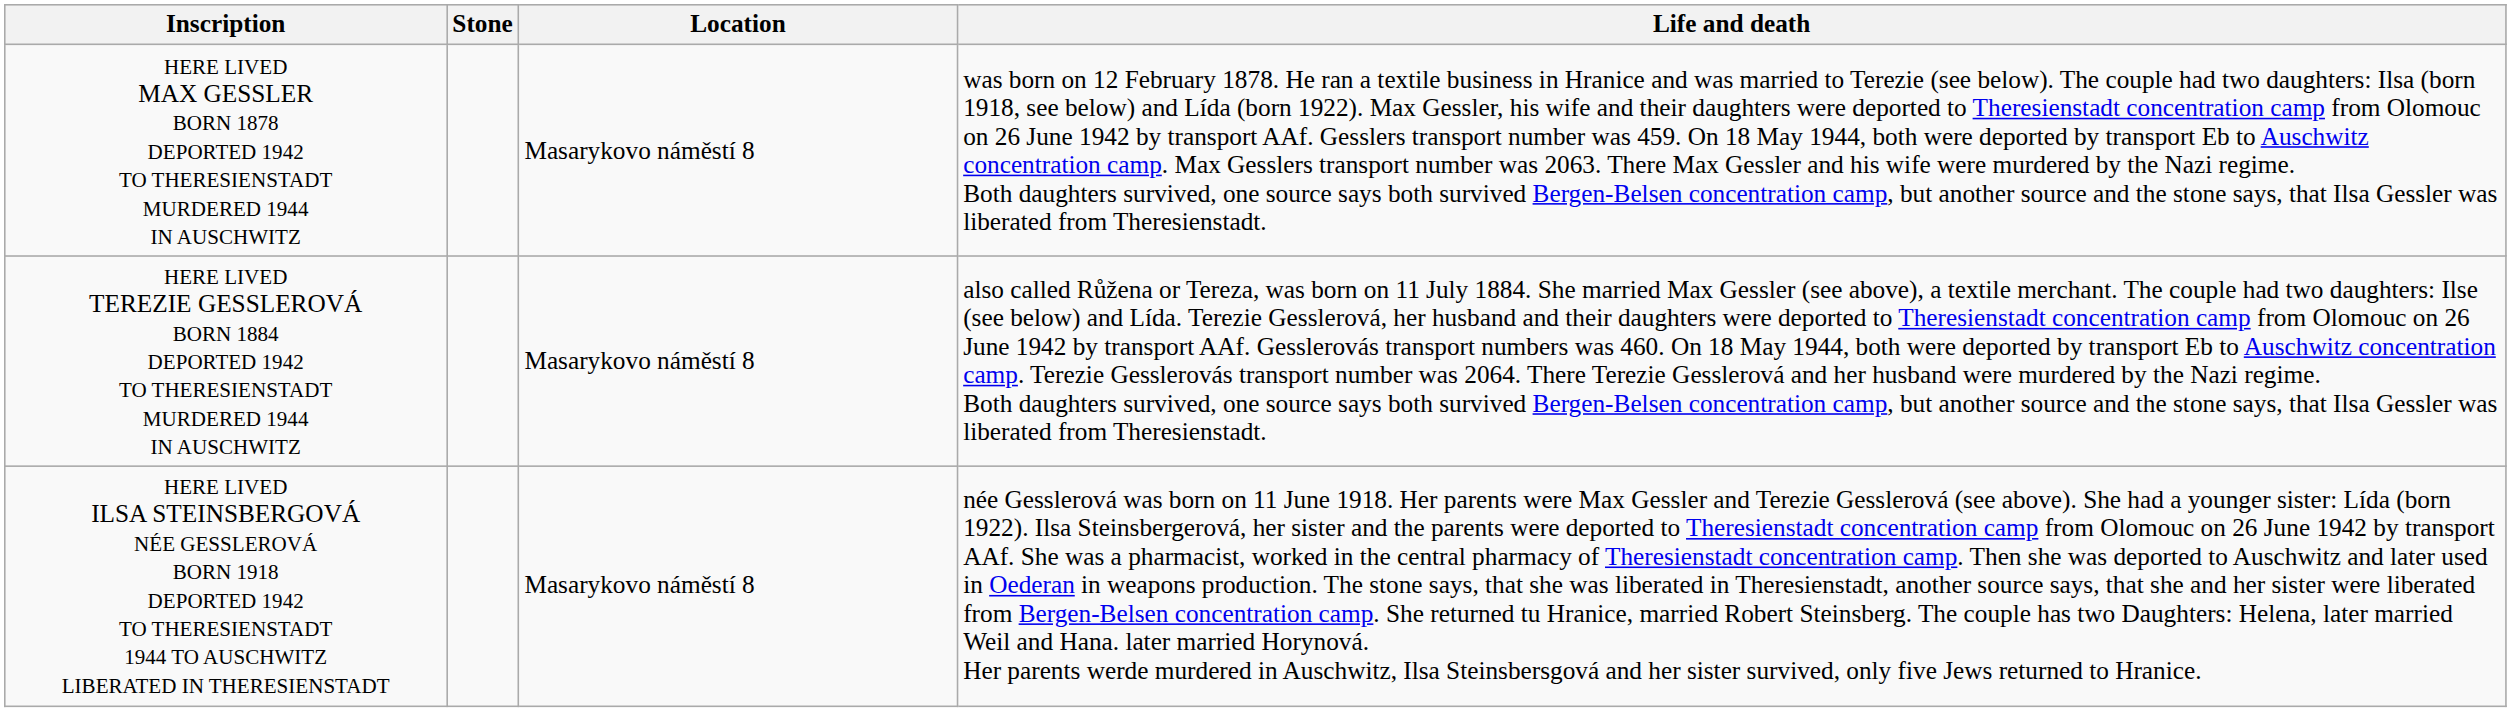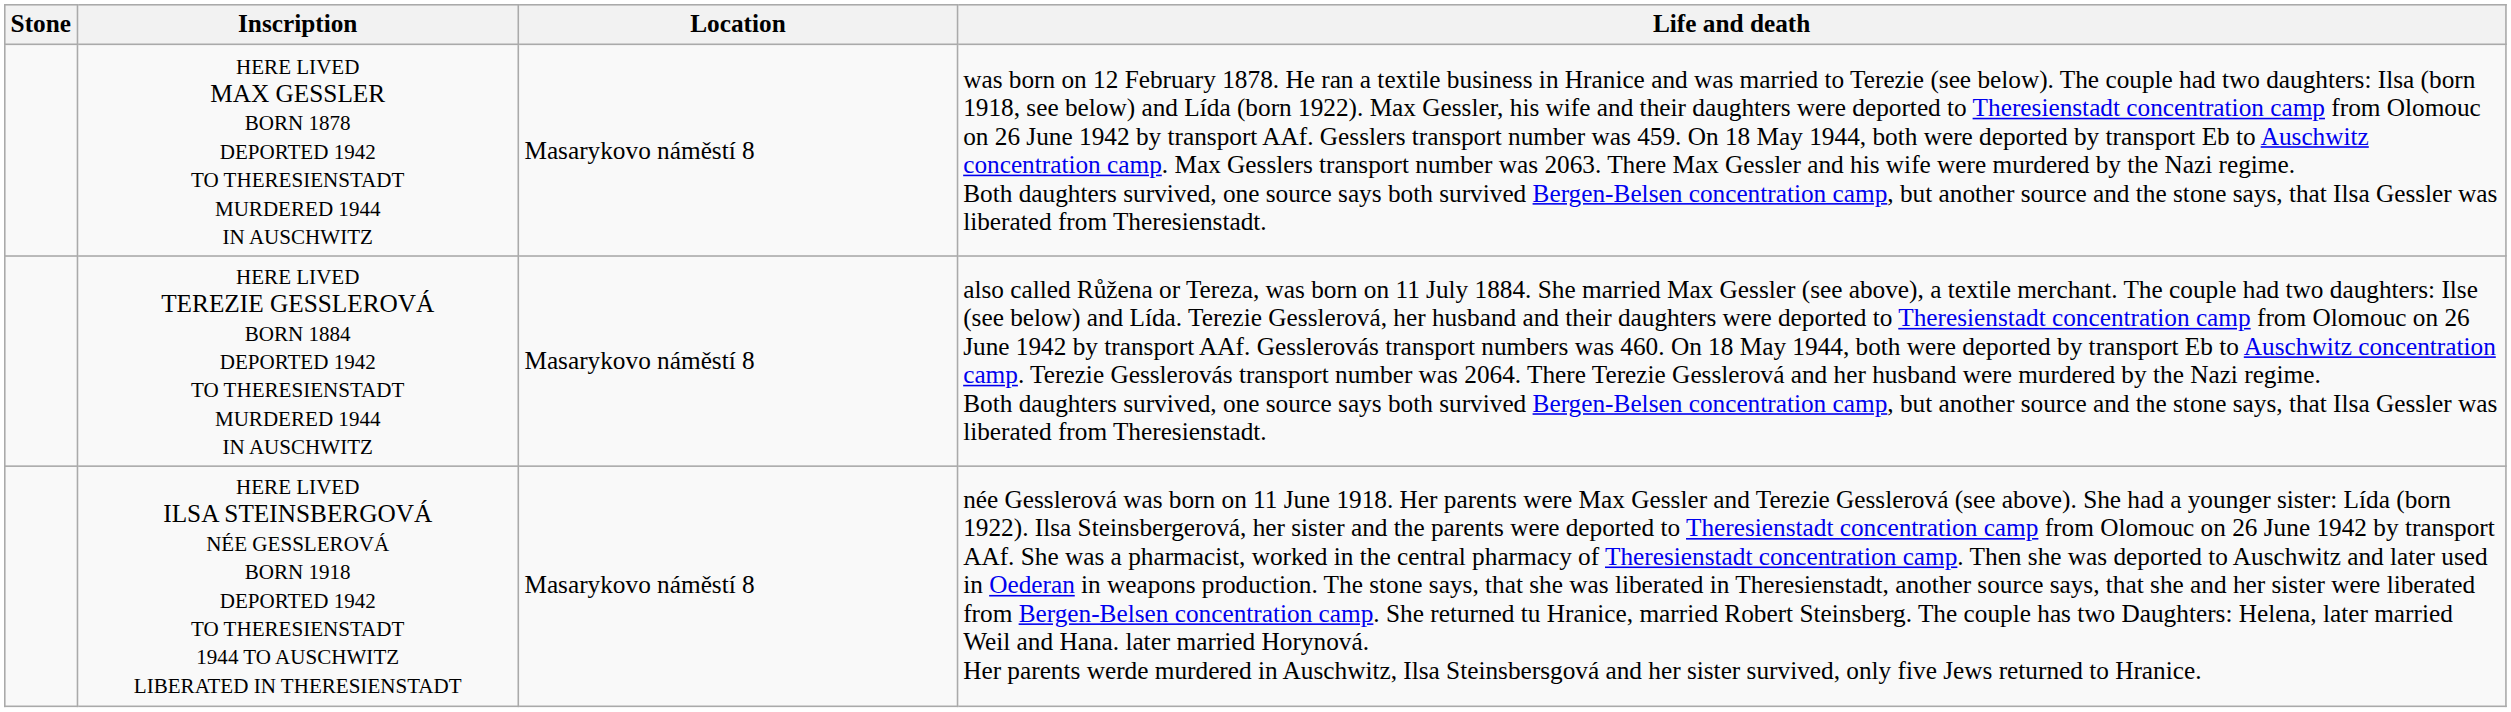 <table class="wikitable sortable toptextcells" style="width:100%">
 <tr>
+<th class="hintergrundfarbe6 unsortable" width="120px">Stone</th>
 <th class="hintergrundfarbe6" style ="width:18%;">Inscription</th>
-<th class="hintergrundfarbe6 unsortable" width="120px">Stone</th>
 <th class="hintergrundfarbe6" data-sort-type="text" style ="width:18%;">Location</th>
 <th class="hintergrundfarbe6" style="width:100%;">Life and death</th>
 </tr>
 <tr>
+<td></td>
 <td style="text-align:center"><div><small>HERE LIVED</small><br>MAX GESSLER<br><small>BORN 1878<br> DEPORTED 1942<br>TO THERESIENSTADT<br>MURDERED 1944<br>IN AUSCHWITZ </small></div></td>
-<td></td>
 <td>Masarykovo náměstí 8<br> </td>
 <td><strong></strong> was born on 12 February 1878. He ran a textile business in Hranice and was married to Terezie (see below). The couple had two daughters: Ilsa (born 1918, see below) and Lída (born 1922). Max Gessler, his wife and their daughters were deported to <a href='#'>Theresienstadt concentration camp</a> from Olomouc on 26 June 1942 by transport AAf. Gesslers transport number was 459. On 18 May 1944, both were deported by transport Eb to <a href='#'>Auschwitz concentration camp</a>. Max Gesslers transport number was 2063. There Max Gessler and his wife were murdered by the Nazi regime.<br>Both daughters survived, one source says both survived <a href='#'>Bergen-Belsen concentration camp</a>, but another source and the stone says, that Ilsa Gessler was liberated from Theresienstadt.</td>
 </tr>
 <tr>
+<td></td>
 <td style="text-align:center"><div><small>HERE LIVED</small><br>TEREZIE GESSLEROVÁ <br><small>BORN 1884<br> DEPORTED 1942<br>TO THERESIENSTADT<br>MURDERED 1944<br>IN AUSCHWITZ </small></div></td>
-<td></td>
 <td>Masarykovo náměstí 8<br> </td>
 <td><strong></strong> also called Růžena or Tereza, was born on 11 July 1884. She married Max Gessler (see above), a textile merchant. The couple had two daughters: Ilse (see below) and Lída. Terezie Gesslerová, her husband and their daughters were deported to <a href='#'>Theresienstadt concentration camp</a> from Olomouc on 26 June 1942 by transport AAf. Gesslerovás transport numbers was 460. On 18 May 1944, both were deported by transport Eb to <a href='#'>Auschwitz concentration camp</a>. Terezie Gesslerovás transport number was 2064. There Terezie Gesslerová and her husband were murdered by the Nazi regime.<br>Both daughters survived, one source says both survived <a href='#'>Bergen-Belsen concentration camp</a>, but another source and the stone says, that Ilsa Gessler was liberated from Theresienstadt.</td>
 </tr>
 <tr>
+<td></td>
 <td style="text-align:center"><div><small>HERE LIVED</small><br>ILSA STEINSBERGOVÁ<br><small> NÉE GESSLEROVÁ<br>BORN 1918<br>DEPORTED 1942<br>TO THERESIENSTADT<br> 1944 TO AUSCHWITZ<br> LIBERATED IN THERESIENSTADT</small></div></td>
-<td></td>
 <td>Masarykovo náměstí 8<br> </td>
 <td><strong></strong> née Gesslerová was born on 11 June 1918. Her parents were Max Gessler and Terezie Gesslerová (see above). She had a younger sister: Lída (born 1922). Ilsa Steinsbergerová, her sister and the parents were deported to <a href='#'>Theresienstadt concentration camp</a> from Olomouc on 26 June 1942 by transport AAf. She was a pharmacist, worked in the central pharmacy of <a href='#'>Theresienstadt concentration camp</a>. Then she was deported to Auschwitz and later used in <a href='#'>Oederan</a> in weapons production. The stone says, that she was liberated in Theresienstadt, another source says, that she and her sister were liberated from <a href='#'>Bergen-Belsen concentration camp</a>. She returned tu Hranice, married Robert Steinsberg. The couple has two Daughters: Helena, later married Weil and Hana. later married Horynová.<br>Her parents werde murdered in Auschwitz, Ilsa Steinsbersgová and her sister survived, only five Jews returned to Hranice.</td>
 </tr>
 </table>
